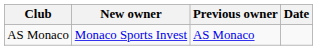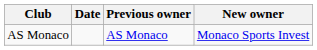 <table class="wikitable" style="font-size=90%;">
 <tr>
 <th>Club</th>
+<th>Date</th>
+<th>Previous owner</th>
 <th>New owner</th>
-<th>Previous owner</th>
-<th>Date</th>
 </tr>
 <tr>
 <td>AS Monaco</td>
+<td></td>
+<td> <a href='#'>AS Monaco</a></td>
 <td> <a href='#'>Monaco Sports Invest</a></td>
-<td> <a href='#'>AS Monaco</a></td>
-<td></td>
 </tr>
 </table>
